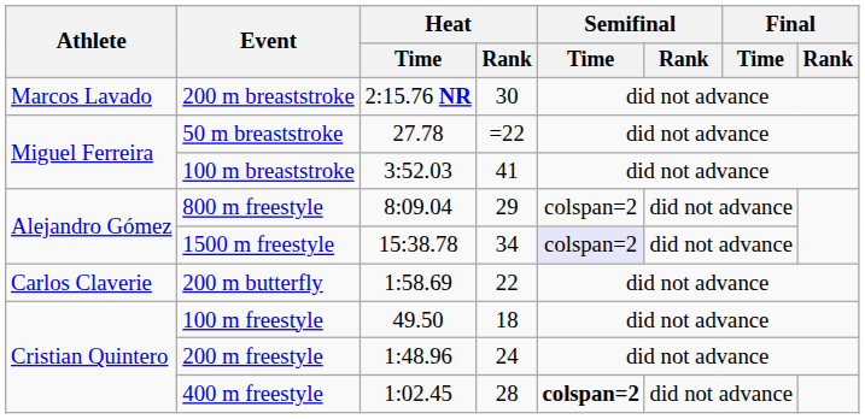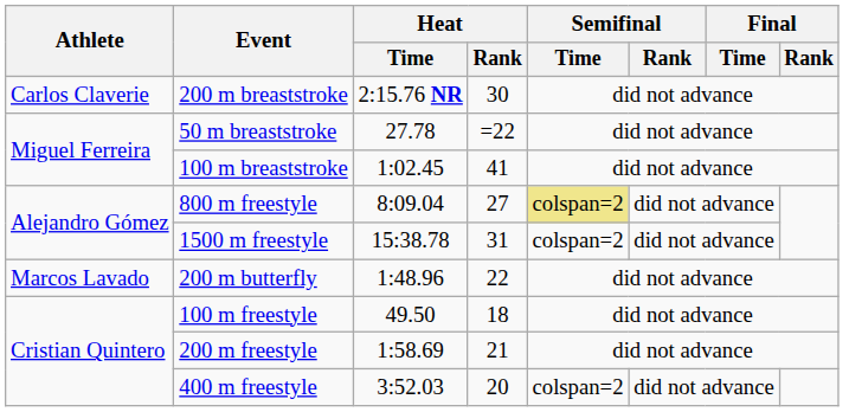 <table class=wikitable style="font-size:90%">
 <tr>
 <th rowspan="2">Athlete</th>
 <th rowspan="2">Event</th>
 <th colspan="2">Heat</th>
 <th colspan="2">Semifinal</th>
 <th colspan="2">Final</th>
 </tr>
 <tr style="font-size:95%">
 <th>Time</th>
 <th>Rank</th>
 <th>Time</th>
 <th>Rank</th>
 <th>Time</th>
 <th>Rank</th>
 </tr>
 <tr align=center>
-<td align=left><a href='#'>Marcos Lavado</a></td>
+<td align=left><a href='#'>Carlos Claverie</a></td>
 <td align=left><a href='#'>200 m breaststroke</a></td>
 <td>2:15.76 <strong><a href='#'>NR</a></strong></td>
 <td>30</td>
 <td colspan=4>did not advance</td>
 </tr>
 <tr align=center>
 <td align=left rowspan=2><a href='#'>Miguel Ferreira</a></td>
 <td align=left><a href='#'>50 m breaststroke</a></td>
 <td>27.78</td>
 <td>=22</td>
 <td colspan=4>did not advance</td>
 </tr>
 <tr align=center>
 <td align=left><a href='#'>100 m breaststroke</a></td>
-<td>3:52.03</td>
+<td>1:02.45</td>
 <td>41</td>
 <td colspan=4>did not advance</td>
 </tr>
 <tr align=center>
 <td align=left rowspan=2><a href='#'>Alejandro Gómez</a></td>
 <td align=left><a href='#'>800 m freestyle</a></td>
 <td>8:09.04</td>
-<td>29</td>
-<td>colspan=2 </td>
+<td>27</td>
+<td style="background: khaki;">colspan=2 </td>
 <td colspan=2>did not advance</td>
 </tr>
 <tr align=center>
 <td align=left><a href='#'>1500 m freestyle</a></td>
 <td>15:38.78</td>
-<td>34</td>
-<td style="background: lavender;">colspan=2 </td>
+<td>31</td>
+<td>colspan=2 </td>
 <td colspan=2>did not advance</td>
 </tr>
 <tr align=center>
-<td align=left><a href='#'>Carlos Claverie</a></td>
+<td align=left><a href='#'>Marcos Lavado</a></td>
 <td align=left><a href='#'>200 m butterfly</a></td>
-<td>1:58.69</td>
+<td>1:48.96</td>
 <td>22</td>
 <td colspan=4>did not advance</td>
 </tr>
 <tr align=center>
 <td align=left rowspan=3><a href='#'>Cristian Quintero</a></td>
 <td align=left><a href='#'>100 m freestyle</a></td>
 <td>49.50</td>
 <td>18</td>
 <td colspan=4>did not advance</td>
 </tr>
 <tr align=center>
 <td align=left><a href='#'>200 m freestyle</a></td>
-<td>1:48.96</td>
-<td>24</td>
+<td>1:58.69</td>
+<td>21</td>
 <td colspan=4>did not advance</td>
 </tr>
 <tr align=center>
 <td align=left><a href='#'>400 m freestyle</a></td>
-<td>1:02.45</td>
-<td>28</td>
-<td><strong>colspan=2 </strong></td>
+<td>3:52.03</td>
+<td>20</td>
+<td>colspan=2 </td>
 <td colspan=2>did not advance</td>
 </tr>
 </table>
